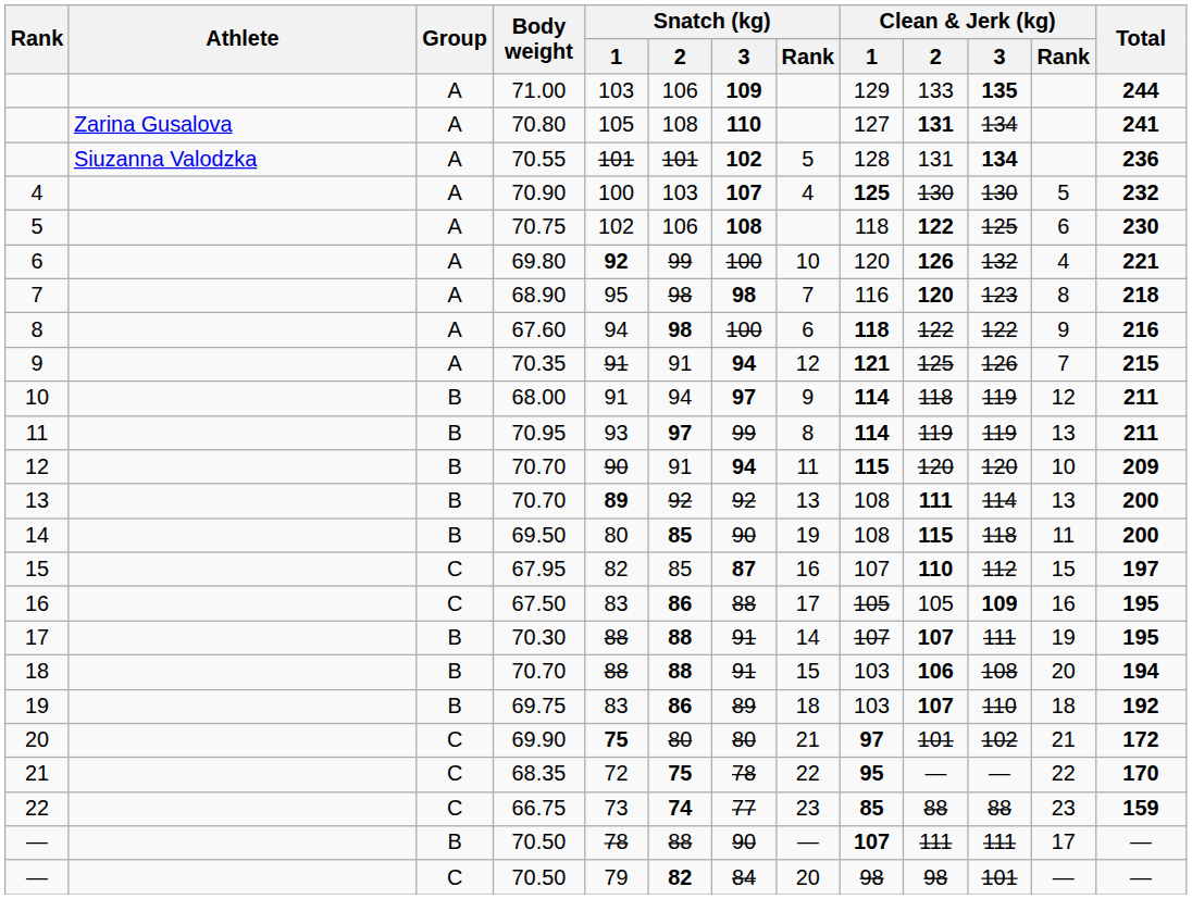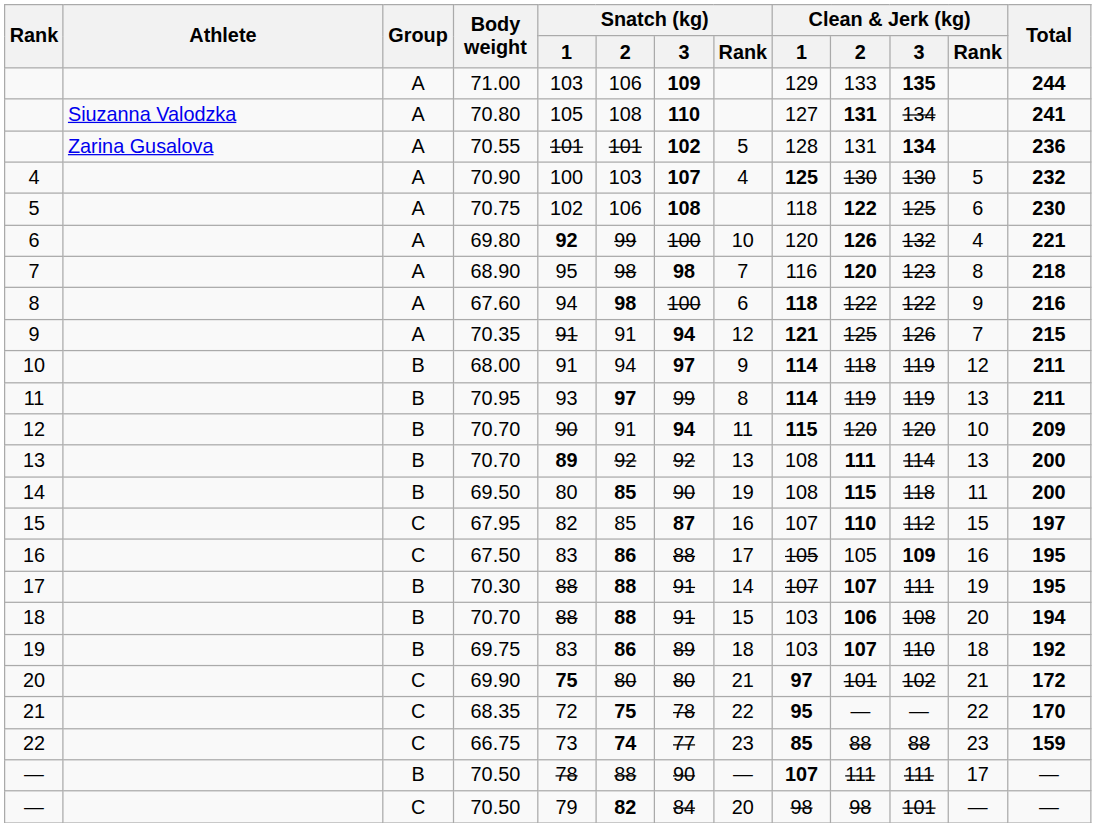 <table class = "wikitable" style="text-align:center;">
 <tr>
 <th rowspan=2 width=40>Rank</th>
 <th rowspan=2 width=250>Athlete</th>
 <th rowspan=2 width=50>Group</th>
 <th rowspan=2 width=60>Body weight</th>
 <th colspan=4>Snatch (kg)</th>
 <th colspan=4>Clean & Jerk (kg)</th>
 <th rowspan=2 width=60>Total</th>
 </tr>
 <tr>
 <th width=40>1</th>
 <th width=40>2</th>
 <th width=40>3</th>
 <th width=40>Rank</th>
 <th width=40>1</th>
 <th width=40>2</th>
 <th width=40>3</th>
 <th width=40>Rank</th>
 </tr>
 <tr>
 <td></td>
 <td align=left></td>
 <td>A</td>
 <td>71.00</td>
 <td>103</td>
 <td>106</td>
 <td><strong>109</strong></td>
 <td></td>
 <td>129</td>
 <td>133</td>
 <td><strong>135</strong></td>
 <td></td>
 <td><strong>244</strong></td>
 </tr>
 <tr>
 <td></td>
-<td align=left> <a href='#'>Zarina Gusalova</a> </td>
+<td align=left> <a href='#'>Siuzanna Valodzka</a> </td>
 <td>A</td>
 <td>70.80</td>
 <td>105</td>
 <td>108</td>
 <td><strong>110</strong></td>
 <td></td>
 <td>127</td>
 <td><strong>131</strong></td>
 <td><s>134</s></td>
 <td></td>
 <td><strong>241</strong></td>
 </tr>
 <tr>
 <td></td>
-<td align=left> <a href='#'>Siuzanna Valodzka</a> </td>
+<td align=left> <a href='#'>Zarina Gusalova</a> </td>
 <td>A</td>
 <td>70.55</td>
 <td><s>101</s></td>
 <td><s>101</s></td>
 <td><strong>102</strong></td>
 <td>5</td>
 <td>128</td>
 <td>131</td>
 <td><strong>134</strong></td>
 <td></td>
 <td><strong>236</strong></td>
 </tr>
 <tr>
 <td>4</td>
 <td align=left></td>
 <td>A</td>
 <td>70.90</td>
 <td>100</td>
 <td>103</td>
 <td><strong>107</strong></td>
 <td>4</td>
 <td><strong>125</strong></td>
 <td><s>130</s></td>
 <td><s>130</s></td>
 <td>5</td>
 <td><strong>232</strong></td>
 </tr>
 <tr>
 <td>5</td>
 <td align=left></td>
 <td>A</td>
 <td>70.75</td>
 <td>102</td>
 <td>106</td>
 <td><strong>108</strong></td>
 <td></td>
 <td>118</td>
 <td><strong>122</strong></td>
 <td><s>125</s></td>
 <td>6</td>
 <td><strong>230</strong></td>
 </tr>
 <tr>
 <td>6</td>
 <td align=left></td>
 <td>A</td>
 <td>69.80</td>
 <td><strong>92</strong></td>
 <td><s>99</s></td>
 <td><s>100</s></td>
 <td>10</td>
 <td>120</td>
 <td><strong>126</strong></td>
 <td><s>132</s></td>
 <td>4</td>
 <td><strong>221</strong></td>
 </tr>
 <tr>
 <td>7</td>
 <td align=left></td>
 <td>A</td>
 <td>68.90</td>
 <td>95</td>
 <td><s>98</s></td>
 <td><strong>98</strong></td>
 <td>7</td>
 <td>116</td>
 <td><strong>120</strong></td>
 <td><s>123</s></td>
 <td>8</td>
 <td><strong>218</strong></td>
 </tr>
 <tr>
 <td>8</td>
 <td align=left></td>
 <td>A</td>
 <td>67.60</td>
 <td>94</td>
 <td><strong>98</strong></td>
 <td><s>100</s></td>
 <td>6</td>
 <td><strong>118</strong></td>
 <td><s>122</s></td>
 <td><s>122</s></td>
 <td>9</td>
 <td><strong>216</strong></td>
 </tr>
 <tr>
 <td>9</td>
 <td align=left></td>
 <td>A</td>
 <td>70.35</td>
 <td><s>91</s></td>
 <td>91</td>
 <td><strong>94</strong></td>
 <td>12</td>
 <td><strong>121</strong></td>
 <td><s>125</s></td>
 <td><s>126</s></td>
 <td>7</td>
 <td><strong>215</strong></td>
 </tr>
 <tr>
 <td>10</td>
 <td align=left></td>
 <td>B</td>
 <td>68.00</td>
 <td>91</td>
 <td>94</td>
 <td><strong>97</strong></td>
 <td>9</td>
 <td><strong>114</strong></td>
 <td><s>118</s></td>
 <td><s>119</s></td>
 <td>12</td>
 <td><strong>211</strong></td>
 </tr>
 <tr>
 <td>11</td>
 <td align=left></td>
 <td>B</td>
 <td>70.95</td>
 <td>93</td>
 <td><strong>97</strong></td>
 <td><s>99</s></td>
 <td>8</td>
 <td><strong>114</strong></td>
 <td><s>119</s></td>
 <td><s>119</s></td>
 <td>13</td>
 <td><strong>211</strong></td>
 </tr>
 <tr>
 <td>12</td>
 <td align=left></td>
 <td>B</td>
 <td>70.70</td>
 <td><s>90</s></td>
 <td>91</td>
 <td><strong>94</strong></td>
 <td>11</td>
 <td><strong>115</strong></td>
 <td><s>120</s></td>
 <td><s>120</s></td>
 <td>10</td>
 <td><strong>209</strong></td>
 </tr>
 <tr>
 <td>13</td>
 <td align=left></td>
 <td>B</td>
 <td>70.70</td>
 <td><strong>89</strong></td>
 <td><s>92</s></td>
 <td><s>92</s></td>
 <td>13</td>
 <td>108</td>
 <td><strong>111</strong></td>
 <td><s>114</s></td>
 <td>13</td>
 <td><strong>200</strong></td>
 </tr>
 <tr>
 <td>14</td>
 <td align=left></td>
 <td>B</td>
 <td>69.50</td>
 <td>80</td>
 <td><strong>85</strong></td>
 <td><s>90</s></td>
 <td>19</td>
 <td>108</td>
 <td><strong>115</strong></td>
 <td><s>118</s></td>
 <td>11</td>
 <td><strong>200</strong></td>
 </tr>
 <tr>
 <td>15</td>
 <td align=left></td>
 <td>C</td>
 <td>67.95</td>
 <td>82</td>
 <td>85</td>
 <td><strong>87</strong></td>
 <td>16</td>
 <td>107</td>
 <td><strong>110</strong></td>
 <td><s>112</s></td>
 <td>15</td>
 <td><strong>197</strong></td>
 </tr>
 <tr>
 <td>16</td>
 <td align=left></td>
 <td>C</td>
 <td>67.50</td>
 <td>83</td>
 <td><strong>86</strong></td>
 <td><s>88</s></td>
 <td>17</td>
 <td><s>105</s></td>
 <td>105</td>
 <td><strong>109</strong></td>
 <td>16</td>
 <td><strong>195</strong></td>
 </tr>
 <tr>
 <td>17</td>
 <td align=left></td>
 <td>B</td>
 <td>70.30</td>
 <td><s>88</s></td>
 <td><strong>88</strong></td>
 <td><s>91</s></td>
 <td>14</td>
 <td><s>107</s></td>
 <td><strong>107</strong></td>
 <td><s>111</s></td>
 <td>19</td>
 <td><strong>195</strong></td>
 </tr>
 <tr>
 <td>18</td>
 <td align=left></td>
 <td>B</td>
 <td>70.70</td>
 <td><s>88</s></td>
 <td><strong>88</strong></td>
 <td><s>91</s></td>
 <td>15</td>
 <td>103</td>
 <td><strong>106</strong></td>
 <td><s>108</s></td>
 <td>20</td>
 <td><strong>194</strong></td>
 </tr>
 <tr>
 <td>19</td>
 <td align=left></td>
 <td>B</td>
 <td>69.75</td>
 <td>83</td>
 <td><strong>86</strong></td>
 <td><s>89</s></td>
 <td>18</td>
 <td>103</td>
 <td><strong>107</strong></td>
 <td><s>110</s></td>
 <td>18</td>
 <td><strong>192</strong></td>
 </tr>
 <tr>
 <td>20</td>
 <td align=left></td>
 <td>C</td>
 <td>69.90</td>
 <td><strong>75</strong></td>
 <td><s>80</s></td>
 <td><s>80</s></td>
 <td>21</td>
 <td><strong>97</strong></td>
 <td><s>101</s></td>
 <td><s>102</s></td>
 <td>21</td>
 <td><strong>172</strong></td>
 </tr>
 <tr>
 <td>21</td>
 <td align=left></td>
 <td>C</td>
 <td>68.35</td>
 <td>72</td>
 <td><strong>75</strong></td>
 <td><s>78</s></td>
 <td>22</td>
 <td><strong>95</strong></td>
 <td>—</td>
 <td>—</td>
 <td>22</td>
 <td><strong>170</strong></td>
 </tr>
 <tr>
 <td>22</td>
 <td align=left></td>
 <td>C</td>
 <td>66.75</td>
 <td>73</td>
 <td><strong>74</strong></td>
 <td><s>77</s></td>
 <td>23</td>
 <td><strong>85</strong></td>
 <td><s>88</s></td>
 <td><s>88</s></td>
 <td>23</td>
 <td><strong>159</strong></td>
 </tr>
 <tr>
 <td>—</td>
 <td align=left></td>
 <td>B</td>
 <td>70.50</td>
 <td><s>78</s></td>
 <td><s>88</s></td>
 <td><s>90</s></td>
 <td>—</td>
 <td><strong>107</strong></td>
 <td><s>111</s></td>
 <td><s>111</s></td>
 <td>17</td>
 <td>—</td>
 </tr>
 <tr>
 <td>—</td>
 <td align=left></td>
 <td>C</td>
 <td>70.50</td>
 <td>79</td>
 <td><strong>82</strong></td>
 <td><s>84</s></td>
 <td>20</td>
 <td><s>98</s></td>
 <td><s>98</s></td>
 <td><s>101</s></td>
 <td>—</td>
 <td>—</td>
 </tr>
 </table>
